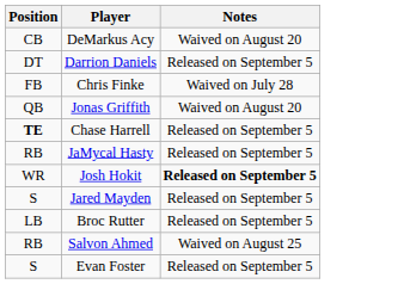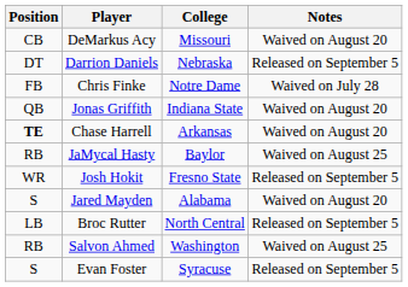 <table class="wikitable" style="text-align:center">
 <tr>
 <th>Position</th>
 <th>Player</th>
+<th>College</th>
 <th>Notes</th>
 </tr>
 <tr>
 <td>CB</td>
 <td>DeMarkus Acy</td>
+<td><a href='#'>Missouri</a></td>
 <td>Waived on August 20</td>
 </tr>
 <tr>
 <td>DT</td>
 <td><a href='#'>Darrion Daniels</a></td>
+<td><a href='#'>Nebraska</a></td>
 <td>Released on September 5</td>
 </tr>
 <tr>
 <td>FB</td>
 <td>Chris Finke</td>
+<td><a href='#'>Notre Dame</a></td>
 <td>Waived on July 28</td>
 </tr>
 <tr>
 <td>QB</td>
 <td><a href='#'>Jonas Griffith</a></td>
+<td><a href='#'>Indiana State</a></td>
 <td>Waived on August 20</td>
 </tr>
 <tr>
 <td><strong>TE</strong></td>
 <td>Chase Harrell</td>
-<td>Released on September 5</td>
+<td><a href='#'>Arkansas</a></td>
+<td>Waived on August 20</td>
 </tr>
 <tr>
 <td>RB</td>
 <td><a href='#'>JaMycal Hasty</a></td>
-<td>Released on September 5</td>
+<td><a href='#'>Baylor</a></td>
+<td>Waived on August 25</td>
 </tr>
 <tr>
 <td>WR</td>
 <td><a href='#'>Josh Hokit</a></td>
-<td><strong>Released on September 5</strong></td>
+<td><a href='#'>Fresno State</a></td>
+<td>Released on September 5</td>
 </tr>
 <tr>
 <td>S</td>
 <td><a href='#'>Jared Mayden</a></td>
-<td>Released on September 5</td>
+<td><a href='#'>Alabama</a></td>
+<td>Waived on August 20</td>
 </tr>
 <tr>
 <td>LB</td>
 <td>Broc Rutter</td>
+<td><a href='#'>North Central</a></td>
 <td>Released on September 5</td>
 </tr>
 <tr>
 <td>RB</td>
 <td><a href='#'>Salvon Ahmed</a></td>
+<td><a href='#'>Washington</a></td>
 <td>Waived on August 25</td>
 </tr>
 <tr>
 <td>S</td>
 <td>Evan Foster</td>
+<td><a href='#'>Syracuse</a></td>
 <td>Released on September 5</td>
 </tr>
 </table>
